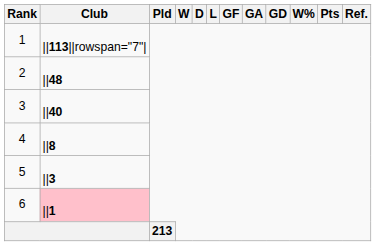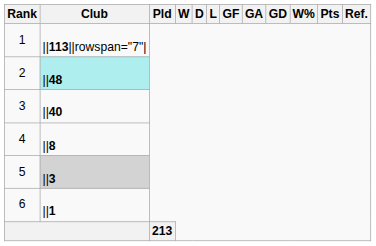 <table class="wikitable sortable" style="text-align: center;">
 <tr>
 <th>Rank</th>
 <th>Club</th>
 <th>Pld</th>
 <th>W</th>
 <th>D</th>
 <th>L</th>
 <th>GF</th>
 <th>GA</th>
 <th>GD</th>
 <th>W%</th>
 <th>Pts</th>
 <th>Ref.</th>
 </tr>
 <tr>
 <td>1</td>
 <td align=left><br>||<strong>113</strong>||rowspan="7"| </td>
 </tr>
 <tr>
 <td>2</td>
-<td align=left><br>||<strong>48</strong></td>
+<td align=left style="background: paleturquoise;"><br>||<strong>48</strong></td>
 </tr>
 <tr>
 <td>3</td>
 <td align=left><br>||<strong>40</strong></td>
 </tr>
 <tr>
 <td>4</td>
 <td align=left><br>||<strong>8</strong></td>
 </tr>
 <tr>
 <td>5</td>
-<td align=left><br>||<strong>3</strong></td>
+<td align=left style="background: lightgrey;"><br>||<strong>3</strong></td>
 </tr>
 <tr>
 <td>6</td>
-<td align=left style="background: pink;"><br>||<strong>1</strong></td>
+<td align=left><br>||<strong>1</strong></td>
 </tr>
 <tr class="sortbottom">
 <th colspan="2"><br></th>
 <th><strong>213</strong></th>
 </tr>
 </table>
